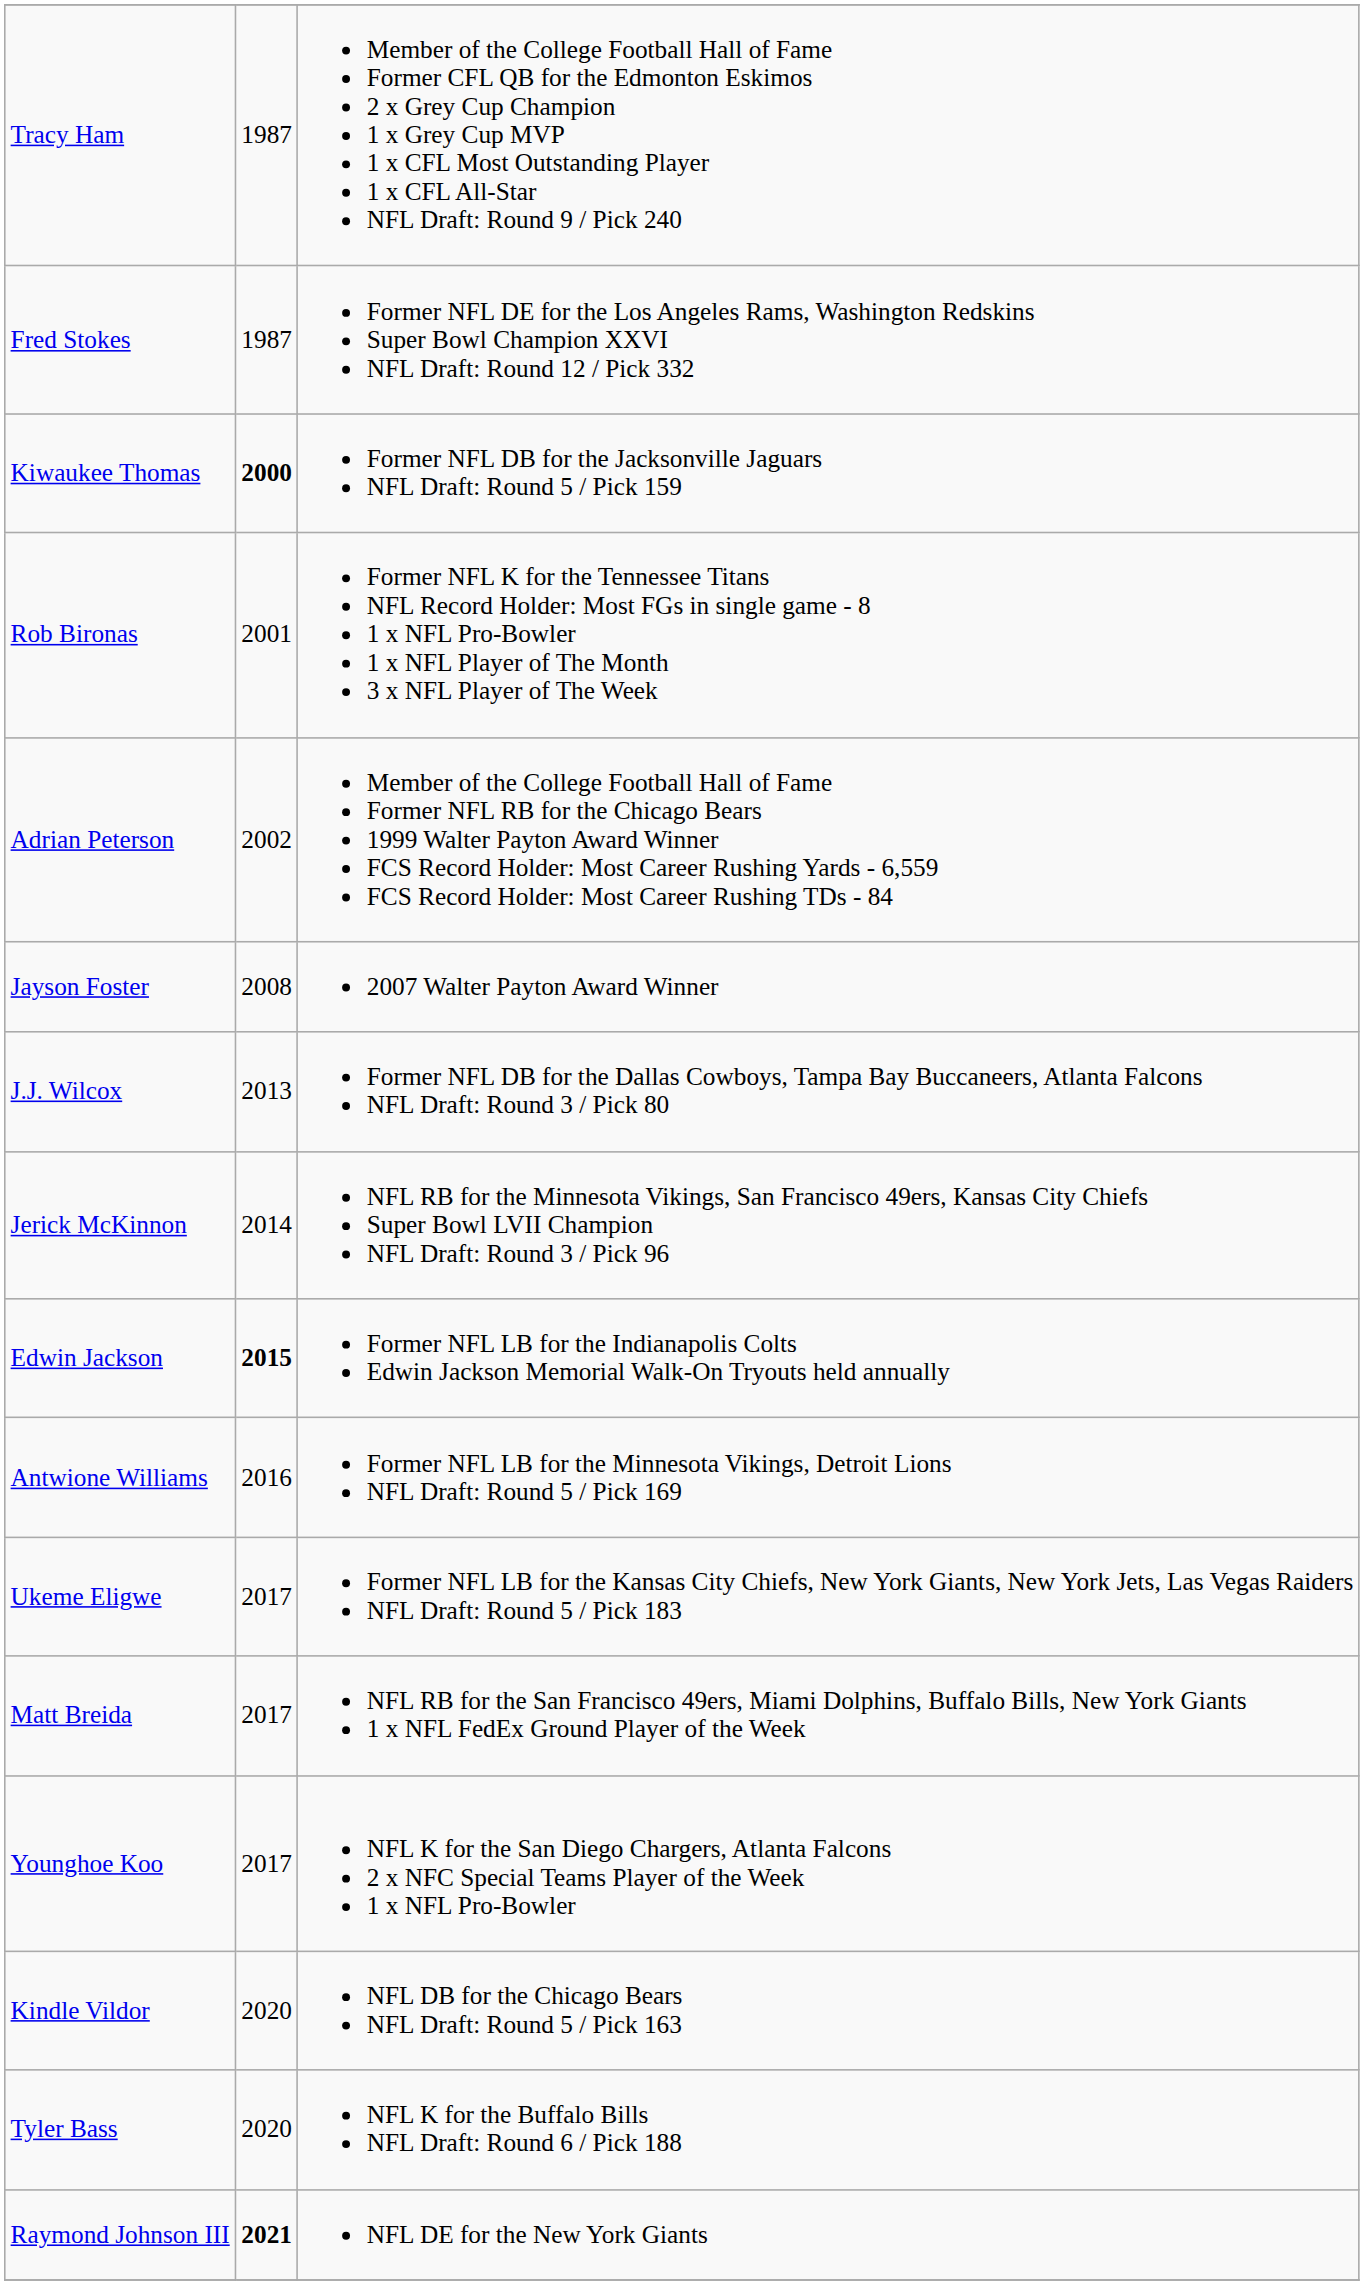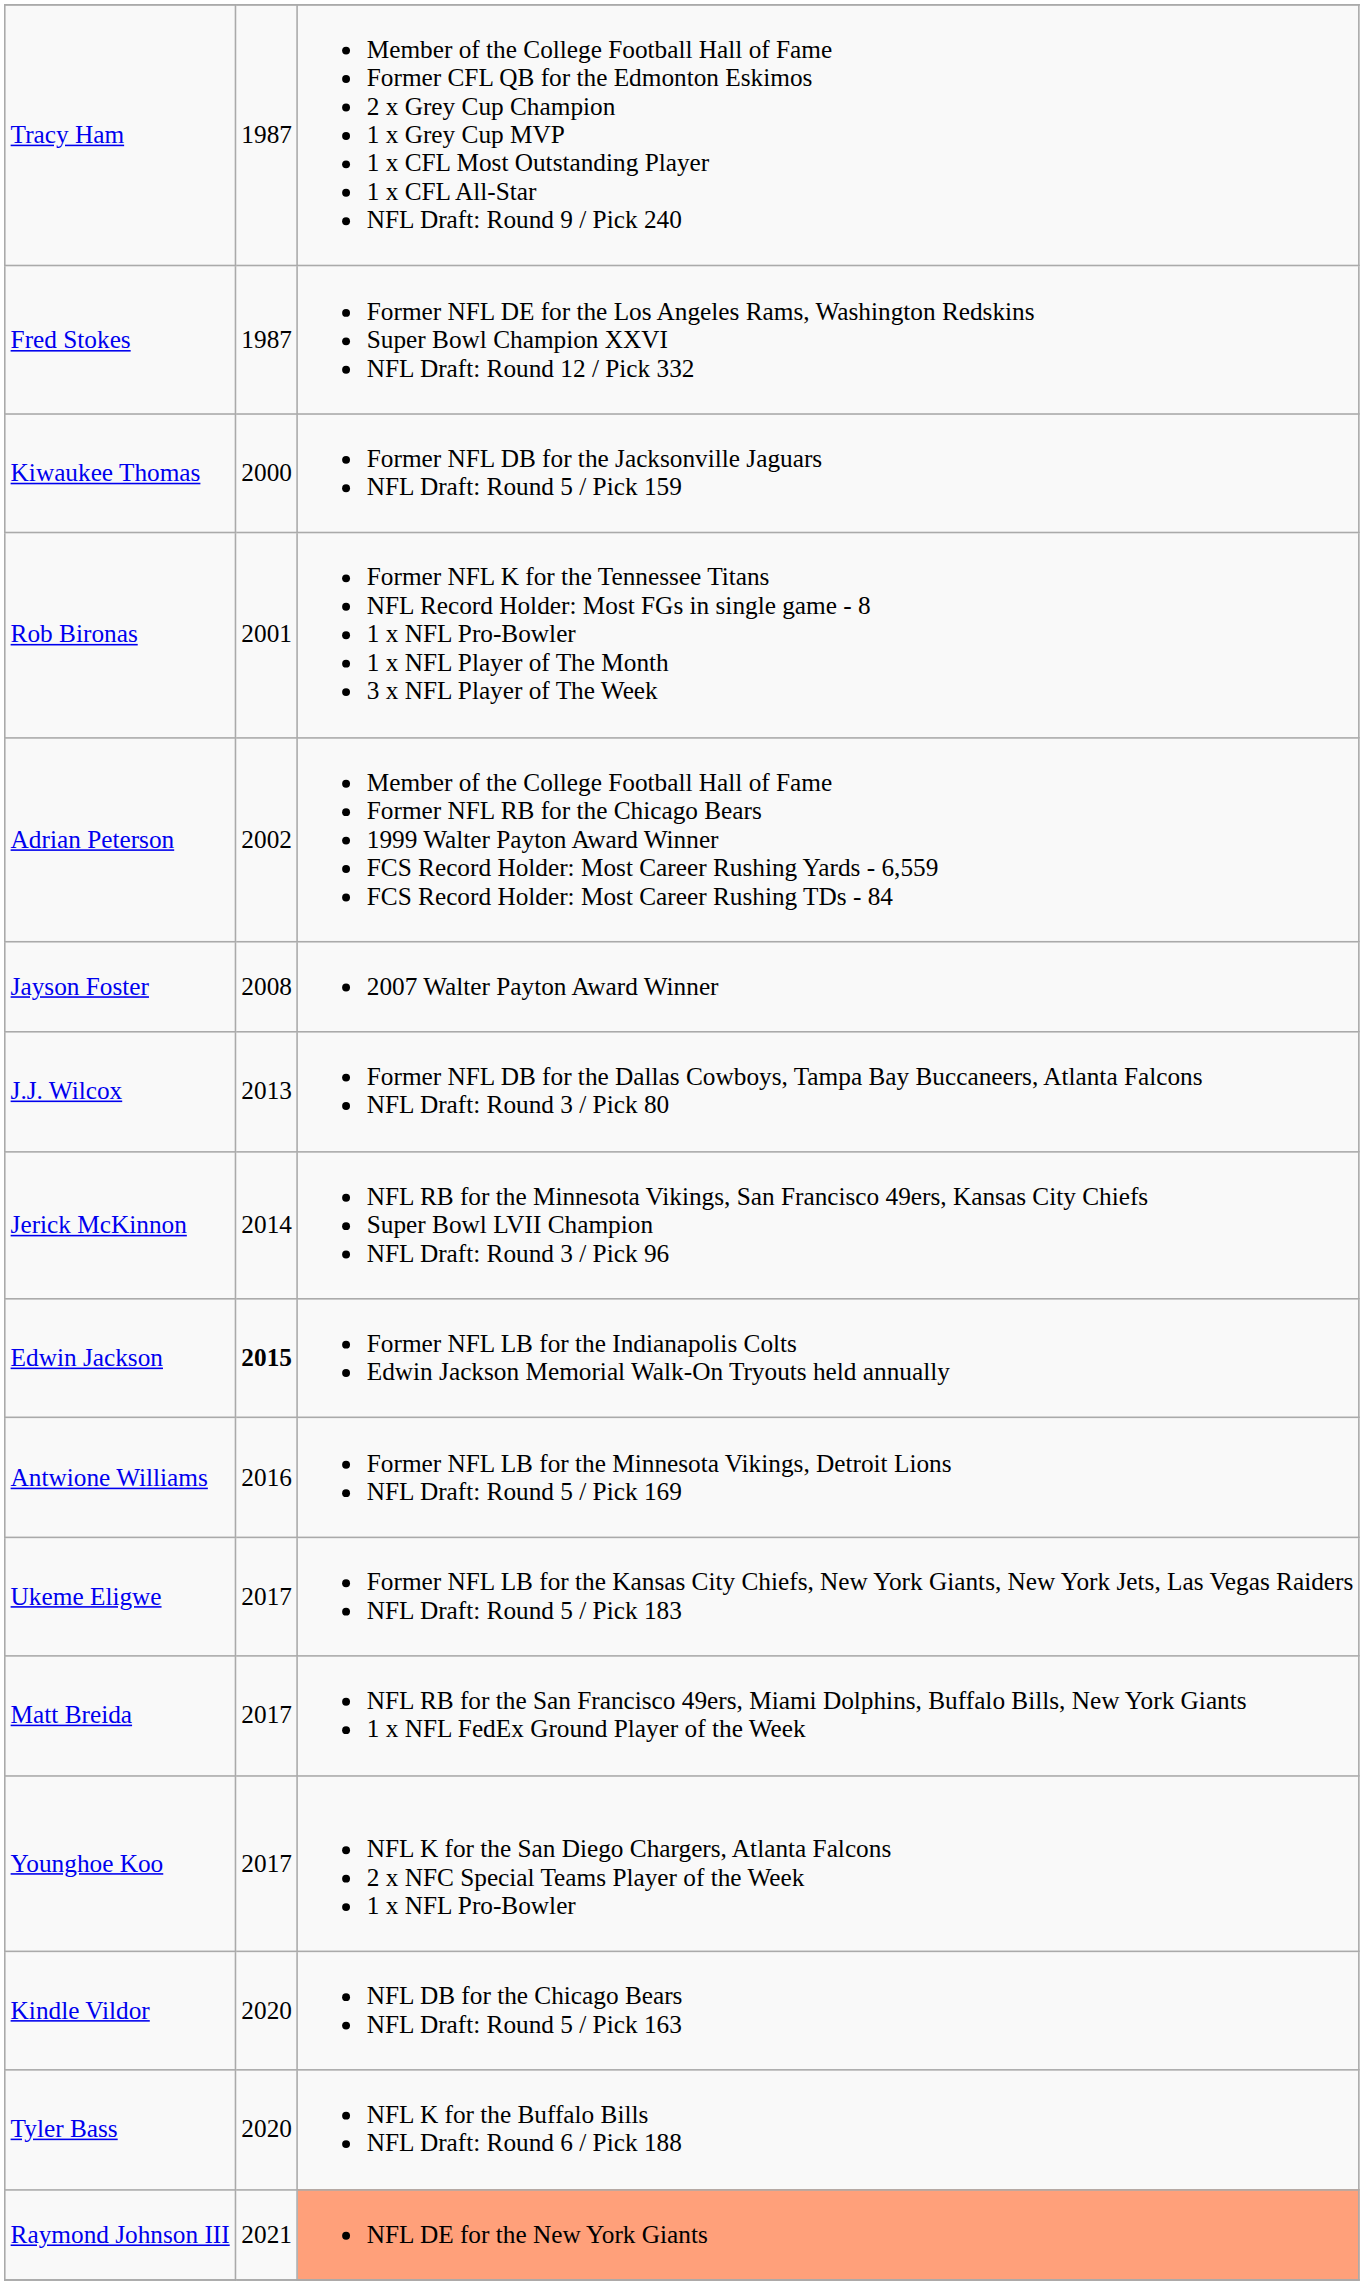 <table class="wikitable">
 <tr>
 </tr>
 <tr>
 <td><a href='#'>Tracy Ham</a></td>
 <td>1987</td>
 <td><ul><li>Member of the College Football Hall of Fame<li>Former CFL QB for the Edmonton Eskimos<li>2 x Grey Cup Champion<li>1 x Grey Cup MVP<li>1 x CFL Most Outstanding Player<li>1 x CFL All-Star<li>NFL Draft: Round 9 / Pick 240</ul></td>
 </tr>
 <tr>
 <td><a href='#'>Fred Stokes</a></td>
 <td>1987</td>
 <td><ul><li>Former NFL DE for the Los Angeles Rams, Washington Redskins<li>Super Bowl Champion XXVI<li>NFL Draft: Round 12 / Pick 332</ul></td>
 </tr>
 <tr>
 <td><a href='#'>Kiwaukee Thomas</a></td>
-<td><strong>2000</strong></td>
+<td>2000</td>
 <td><ul><li>Former NFL DB for the Jacksonville Jaguars<li>NFL Draft: Round 5 / Pick 159</ul></td>
 </tr>
 <tr>
 <td><a href='#'>Rob Bironas</a></td>
 <td>2001</td>
 <td><ul><li>Former NFL K for the Tennessee Titans<li>NFL Record Holder: Most FGs in single game - 8<li>1 x NFL Pro-Bowler<li>1 x NFL Player of The Month<li> 3 x NFL Player of The Week</ul></td>
 </tr>
 <tr>
 <td><a href='#'>Adrian Peterson</a></td>
 <td>2002</td>
 <td><ul><li>Member of the College Football Hall of Fame<li>Former NFL RB for the Chicago Bears<li>1999 Walter Payton Award Winner<li>FCS Record Holder: Most Career Rushing Yards - 6,559<li>FCS Record Holder: Most Career Rushing TDs - 84</ul></td>
 </tr>
 <tr>
 <td><a href='#'>Jayson Foster</a></td>
 <td>2008</td>
 <td><ul><li>2007 Walter Payton Award Winner</ul></td>
 </tr>
 <tr>
 <td><a href='#'>J.J. Wilcox</a></td>
 <td>2013</td>
 <td><ul><li>Former NFL DB for the Dallas Cowboys, Tampa Bay Buccaneers, Atlanta Falcons<li>NFL Draft: Round 3 / Pick 80</ul></td>
 </tr>
 <tr>
 <td><a href='#'>Jerick McKinnon</a></td>
 <td>2014</td>
 <td><ul><li>NFL RB for the Minnesota Vikings, San Francisco 49ers, Kansas City Chiefs<li>Super Bowl LVII Champion<li>NFL Draft: Round 3 / Pick 96</ul></td>
 </tr>
 <tr>
 <td><a href='#'>Edwin Jackson</a></td>
 <td><strong>2015</strong></td>
 <td><ul><li>Former NFL LB for the Indianapolis Colts<li>Edwin Jackson Memorial Walk-On Tryouts held annually</ul></td>
 </tr>
 <tr>
 <td><a href='#'>Antwione Williams</a></td>
 <td>2016</td>
 <td><ul><li>Former NFL LB for the Minnesota Vikings, Detroit Lions<li>NFL Draft: Round 5 / Pick 169</ul></td>
 </tr>
 <tr>
 <td><a href='#'>Ukeme Eligwe</a></td>
 <td>2017</td>
 <td><ul><li>Former NFL LB for the Kansas City Chiefs, New York Giants, New York Jets, Las Vegas Raiders<li>NFL Draft: Round 5 / Pick 183</ul></td>
 </tr>
 <tr>
 <td><a href='#'>Matt Breida</a></td>
 <td>2017</td>
 <td><ul><li>NFL RB for the San Francisco 49ers, Miami Dolphins, Buffalo Bills, New York Giants<li>1 x NFL FedEx Ground Player of the Week</ul></td>
 </tr>
 <tr>
 <td><a href='#'>Younghoe Koo</a></td>
 <td>2017</td>
 <td><br><ul><li>NFL K for the San Diego Chargers, Atlanta Falcons</li><li>2 x NFC Special Teams Player of the Week</li><li>1 x NFL Pro-Bowler</li></ul></td>
 </tr>
 <tr>
 <td><a href='#'>Kindle Vildor</a></td>
 <td>2020</td>
 <td><ul><li>NFL DB for the Chicago Bears<li>NFL Draft: Round 5 / Pick 163</ul></td>
 </tr>
 <tr>
 <td><a href='#'>Tyler Bass</a></td>
 <td>2020</td>
 <td><ul><li>NFL K for the Buffalo Bills<li>NFL Draft: Round 6 / Pick 188</ul></td>
 </tr>
 <tr>
 <td><a href='#'>Raymond Johnson III</a></td>
-<td><strong>2021</strong></td>
-<td><ul><li>NFL DE for the New York Giants</ul></td>
+<td>2021</td>
+<td style="background: lightsalmon;"><ul><li>NFL DE for the New York Giants</ul></td>
 </tr>
 <tr>
 </tr>
 </table>
